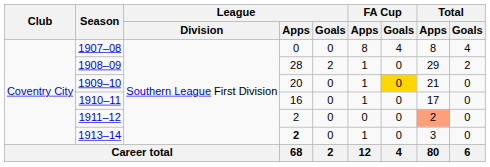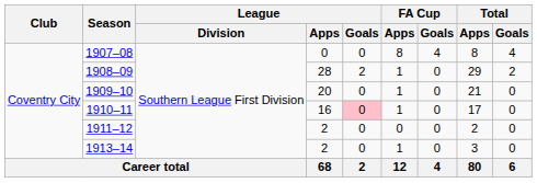 <table class="wikitable" style="text-align: center">
 <tr>
 <th rowspan="2">Club</th>
 <th rowspan="2">Season</th>
 <th colspan="3">League</th>
 <th colspan="2">FA Cup</th>
 <th colspan="2">Total</th>
 </tr>
 <tr>
 <th>Division</th>
 <th>Apps</th>
 <th>Goals</th>
 <th>Apps</th>
 <th>Goals</th>
 <th>Apps</th>
 <th>Goals</th>
 </tr>
 <tr>
 <td rowspan="6"><a href='#'>Coventry City</a></td>
 <td><a href='#'>1907–08</a></td>
 <td rowspan="6"><a href='#'>Southern League</a> First Division</td>
 <td>0</td>
 <td>0</td>
 <td>8</td>
 <td>4</td>
 <td>8</td>
 <td>4</td>
 </tr>
 <tr>
 <td><a href='#'>1908–09</a></td>
 <td>28</td>
 <td>2</td>
 <td>1</td>
 <td>0</td>
 <td>29</td>
 <td>2</td>
 </tr>
 <tr>
 <td><a href='#'>1909–10</a></td>
 <td>20</td>
 <td>0</td>
 <td>1</td>
-<td style="background: gold;">0</td>
+<td>0</td>
 <td>21</td>
 <td>0</td>
 </tr>
 <tr>
 <td><a href='#'>1910–11</a></td>
 <td>16</td>
-<td>0</td>
+<td style="background: pink;">0</td>
 <td>1</td>
 <td>0</td>
 <td>17</td>
 <td>0</td>
 </tr>
 <tr>
 <td><a href='#'>1911–12</a></td>
 <td>2</td>
 <td>0</td>
 <td>0</td>
 <td>0</td>
-<td style="background: lightsalmon;">2</td>
+<td>2</td>
 <td>0</td>
 </tr>
 <tr>
 <td><a href='#'>1913–14</a></td>
-<td><strong>2</strong></td>
+<td>2</td>
 <td>0</td>
 <td>1</td>
 <td>0</td>
 <td>3</td>
 <td>0</td>
 </tr>
 <tr>
 <th colspan="3">Career total</th>
 <th>68</th>
 <th>2</th>
 <th>12</th>
 <th>4</th>
 <th>80</th>
 <th>6</th>
 </tr>
 </table>
